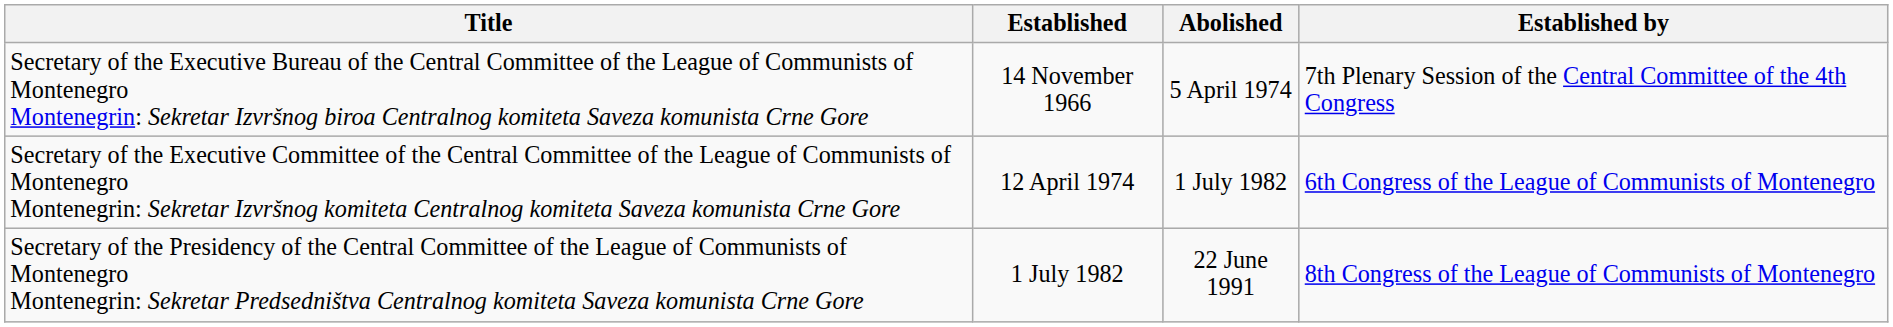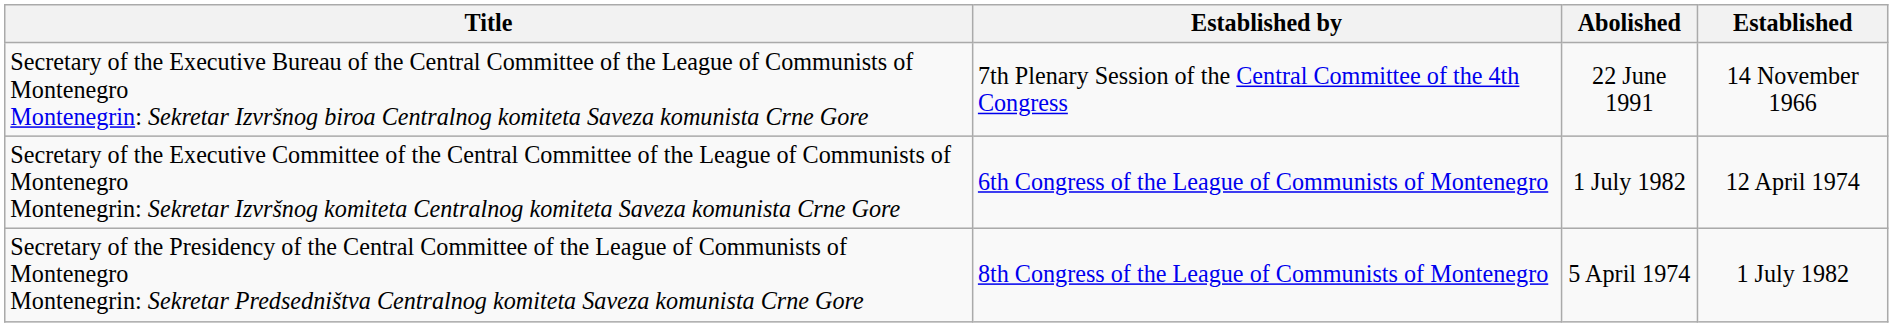 <table class="wikitable sortable">
 <tr>
 <th scope=col>Title</th>
+<th scope=col>Established by</th>
+<th scope=col>Abolished</th>
 <th scope=col>Established</th>
-<th scope=col>Abolished</th>
-<th scope=col>Established by</th>
 </tr>
 <tr>
 <td>Secretary of the Executive Bureau of the Central Committee of the League of Communists of Montenegro<br><a href='#'>Montenegrin</a>: <em>Sekretar Izvršnog biroa Centralnog komiteta Saveza komunista Crne Gore</em></td>
+<td>7th Plenary Session of the <a href='#'>Central Committee of the 4th Congress</a></td>
+<td align="center">22 June 1991</td>
 <td align="center">14 November 1966</td>
-<td align="center">5 April 1974</td>
-<td>7th Plenary Session of the <a href='#'>Central Committee of the 4th Congress</a></td>
 </tr>
 <tr>
 <td>Secretary of the Executive Committee of the Central Committee of the League of Communists of Montenegro<br>Montenegrin: <em>Sekretar Izvršnog komiteta Centralnog komiteta Saveza komunista Crne Gore</em></td>
+<td><a href='#'>6th Congress of the League of Communists of Montenegro</a></td>
+<td align="center">1 July 1982</td>
 <td align="center">12 April 1974</td>
-<td align="center">1 July 1982</td>
-<td><a href='#'>6th Congress of the League of Communists of Montenegro</a></td>
 </tr>
 <tr>
 <td>Secretary of the Presidency of the Central Committee of the League of Communists of Montenegro<br>Montenegrin: <em>Sekretar Predsedništva Centralnog komiteta Saveza komunista Crne Gore</em></td>
+<td><a href='#'>8th Congress of the League of Communists of Montenegro</a></td>
+<td align="center">5 April 1974</td>
 <td align="center">1 July 1982</td>
-<td align="center">22 June 1991</td>
-<td><a href='#'>8th Congress of the League of Communists of Montenegro</a></td>
 </tr>
 </table>
